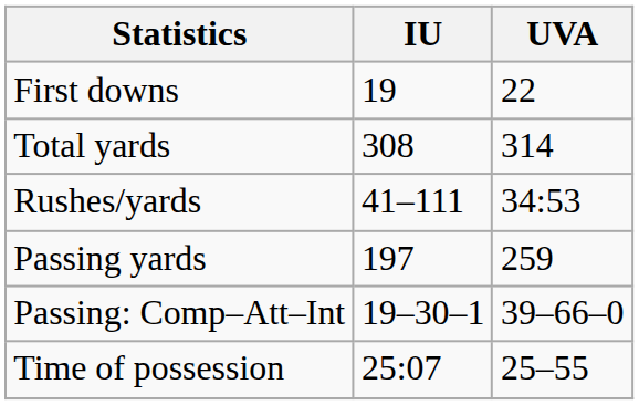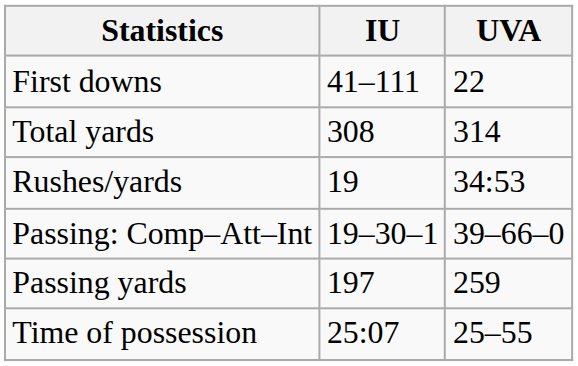 <table class="wikitable" style="float: left;">
 <tr>
 <th>Statistics</th>
 <th>IU</th>
 <th>UVA</th>
 </tr>
 <tr>
 <td>First downs</td>
-<td>19</td>
+<td>41–111</td>
 <td>22</td>
 </tr>
 <tr>
 <td>Total yards</td>
 <td>308</td>
 <td>314</td>
 </tr>
 <tr>
 <td>Rushes/yards</td>
-<td>41–111</td>
+<td>19</td>
 <td>34:53</td>
+</tr>
+<tr>
+<td>Passing: Comp–Att–Int</td>
+<td>19–30–1</td>
+<td>39–66–0</td>
 </tr>
 <tr>
 <td>Passing yards</td>
 <td>197</td>
 <td>259</td>
-</tr>
-<tr>
-<td>Passing: Comp–Att–Int</td>
-<td>19–30–1</td>
-<td>39–66–0</td>
 </tr>
 <tr>
 <td>Time of possession</td>
 <td>25:07</td>
 <td>25–55</td>
 </tr>
 <tr>
 </tr>
 </table>
